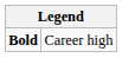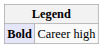 <table class="wikitable mw-collapsible">
 <tr>
 <th colspan="2">Legend</th>
 </tr>
 <tr>
-<td><strong>Bold</strong></td>
+<td style="background: lavender;"><strong>Bold</strong></td>
 <td>Career high</td>
 </tr>
 </table>
